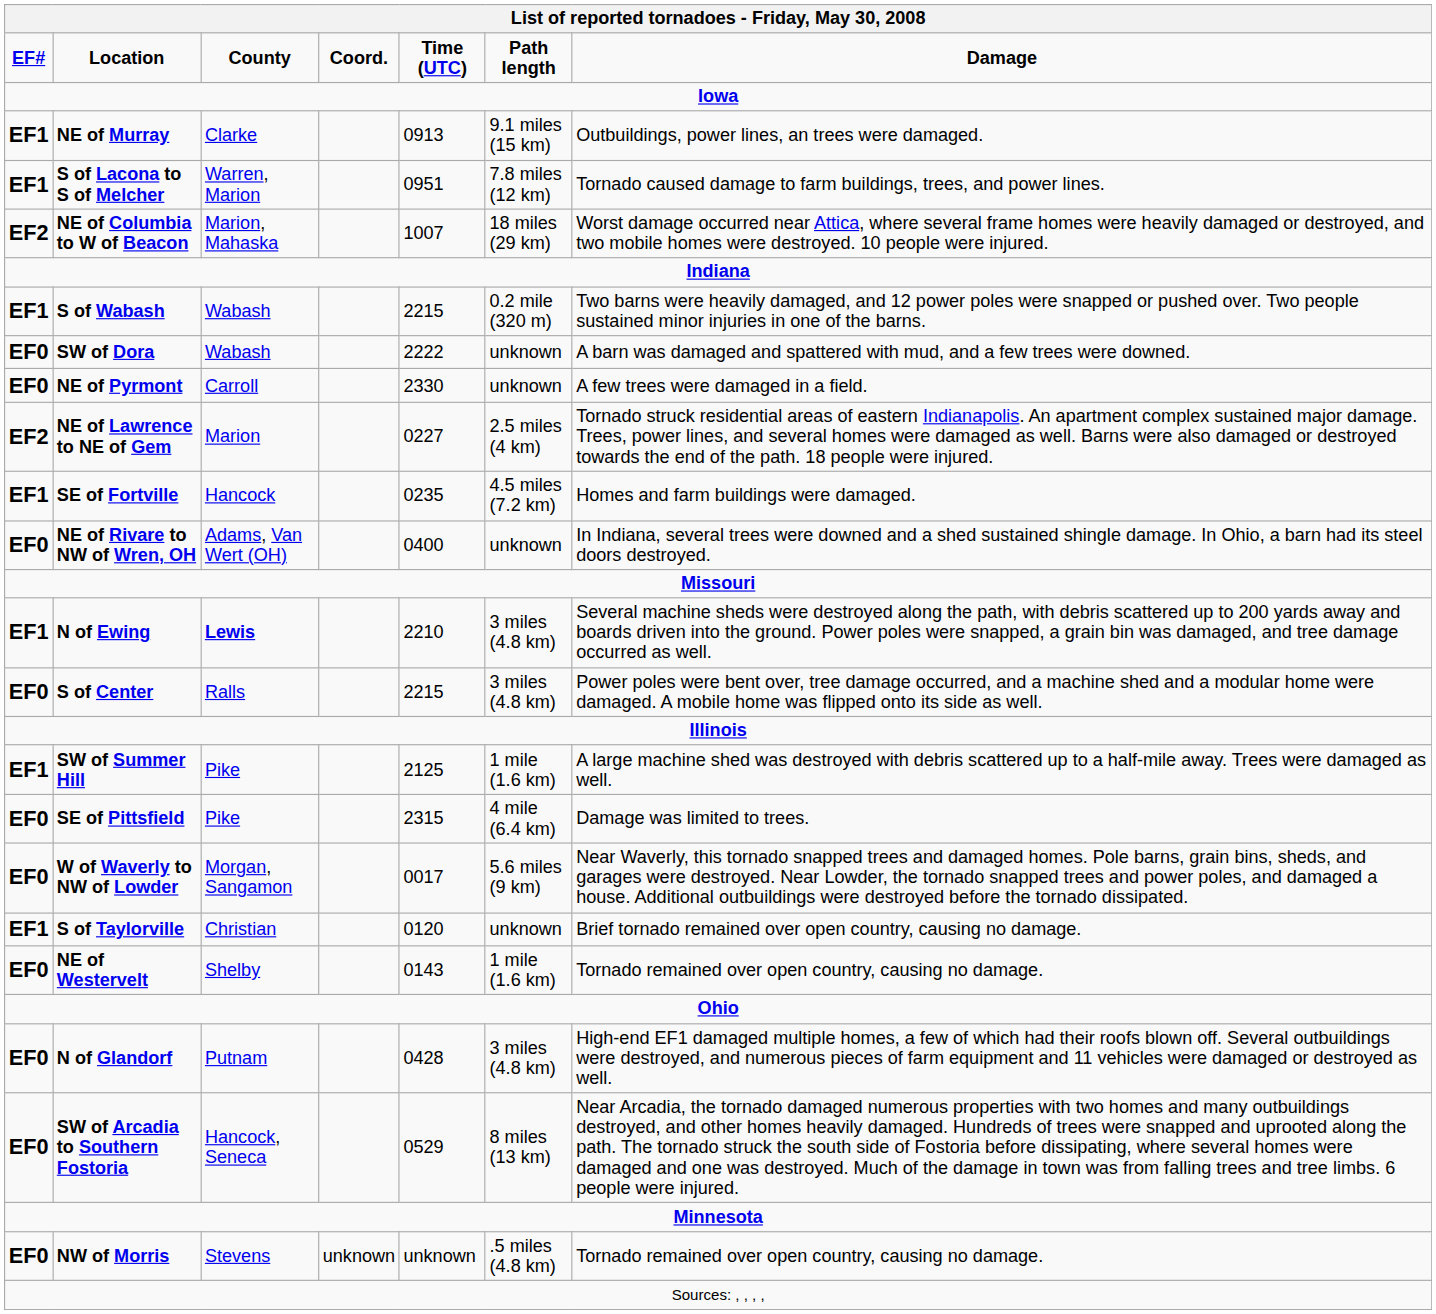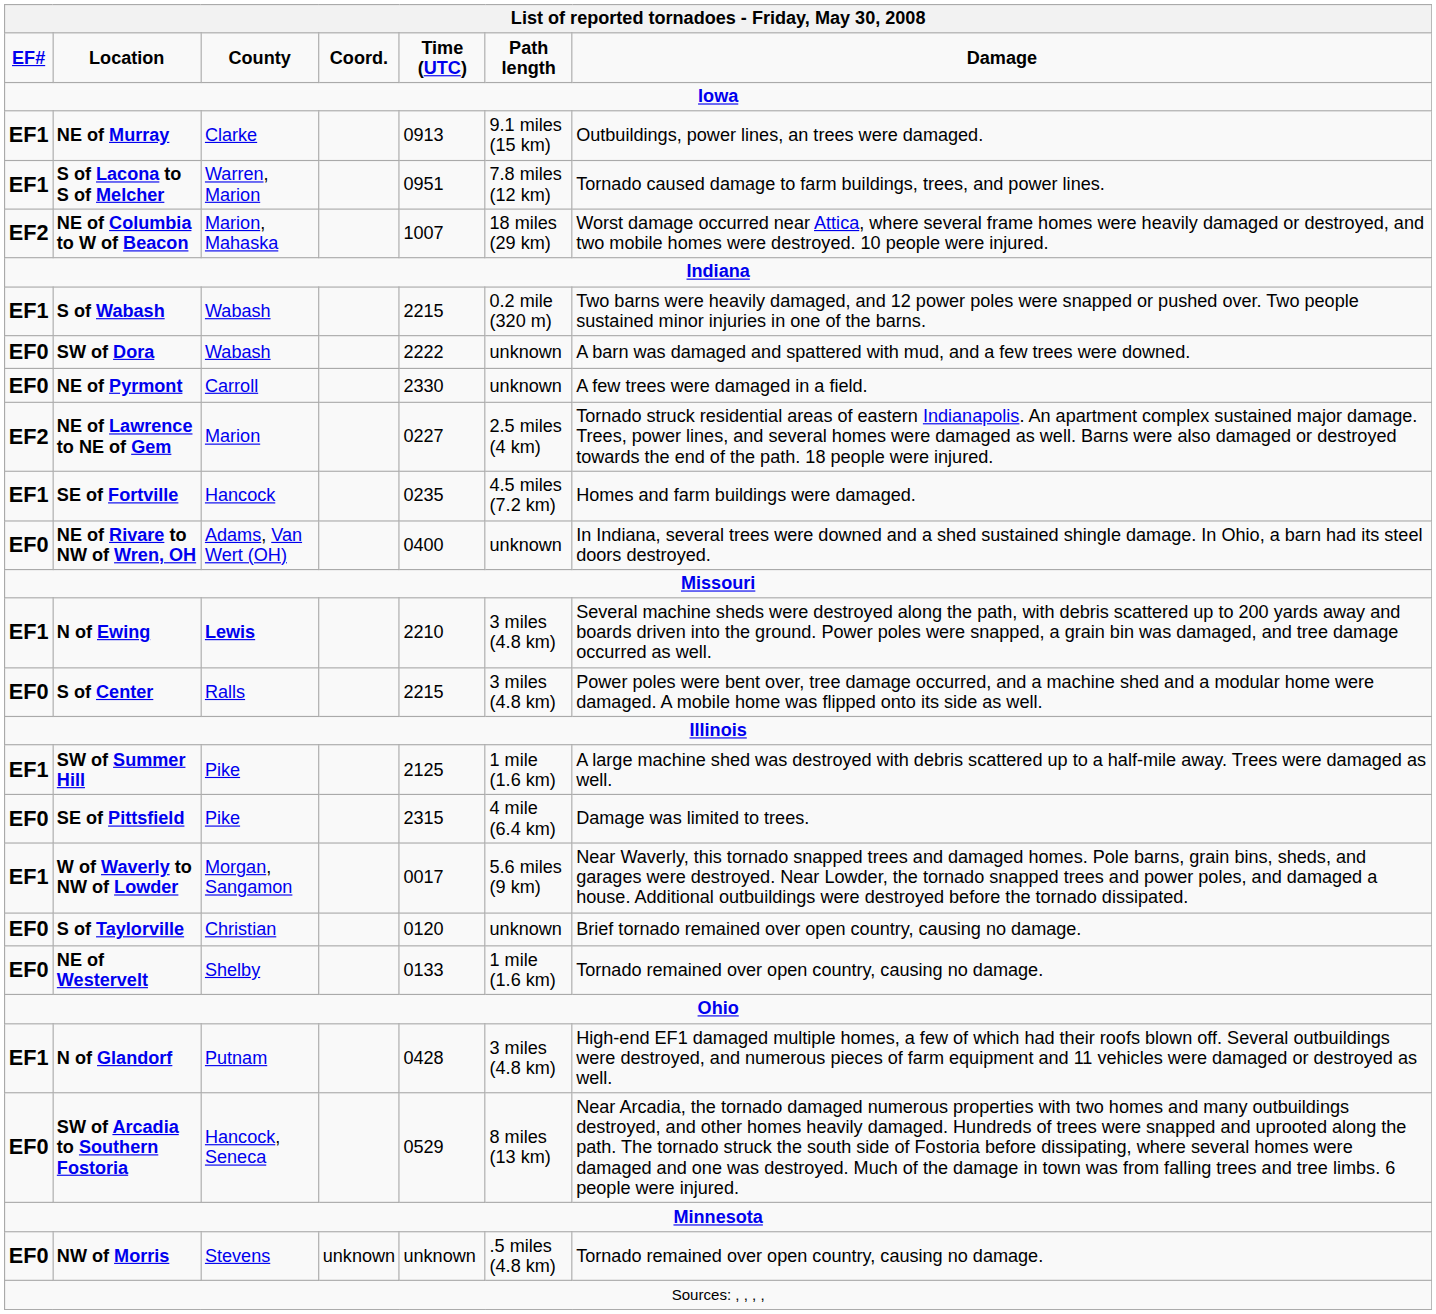 <table class="wikitable collapsible" width="100%">
 <tr>
 <th colspan="7">List of reported tornadoes - Friday, May 30, 2008</th>
 </tr>
 <tr style="text-align:center;">
 <td><strong><a href='#'>EF#</a></strong></td>
 <td><strong>Location</strong></td>
 <td><strong>County</strong></td>
 <td><strong>Coord.</strong></td>
 <td><strong>Time (<a href='#'>UTC</a>)</strong></td>
 <td><strong>Path length</strong></td>
 <td><strong>Damage</strong></td>
 </tr>
 <tr>
 <td colspan="7" align=center><strong><a href='#'>Iowa</a></strong></td>
 </tr>
 <tr>
 <td><big><strong>EF1</strong></big></td>
 <td><strong>NE of <a href='#'>Murray</a></strong></td>
 <td><a href='#'>Clarke</a></td>
 <td></td>
 <td>0913</td>
 <td>9.1 miles<br>(15 km)</td>
 <td>Outbuildings, power lines, an trees were damaged.</td>
 </tr>
 <tr>
 <td><big><strong>EF1</strong></big></td>
 <td><strong>S of <a href='#'>Lacona</a> to S of <a href='#'>Melcher</a></strong></td>
 <td><a href='#'>Warren</a>, <a href='#'>Marion</a></td>
 <td></td>
 <td>0951</td>
 <td>7.8 miles<br>(12 km)</td>
 <td>Tornado caused damage to farm buildings, trees, and power lines.</td>
 </tr>
 <tr>
 <td><big><strong>EF2</strong></big></td>
 <td><strong>NE of <a href='#'>Columbia</a> to W of <a href='#'>Beacon</a></strong></td>
 <td><a href='#'>Marion</a>, <a href='#'>Mahaska</a></td>
 <td></td>
 <td>1007</td>
 <td>18 miles<br>(29 km)</td>
 <td>Worst damage occurred near <a href='#'>Attica</a>, where several frame homes were heavily damaged or destroyed, and two mobile homes were destroyed. 10 people were injured.</td>
 </tr>
 <tr>
 <td colspan="7" align=center><strong><a href='#'>Indiana</a></strong></td>
 </tr>
 <tr>
 <td><big><strong>EF1</strong></big></td>
 <td><strong>S of <a href='#'>Wabash</a></strong></td>
 <td><a href='#'>Wabash</a></td>
 <td></td>
 <td>2215</td>
 <td>0.2 mile<br>(320 m)</td>
 <td>Two barns were heavily damaged, and 12 power poles were snapped or pushed over. Two people sustained minor injuries in one of the barns.</td>
 </tr>
 <tr>
 <td><big><strong>EF0</strong></big></td>
 <td><strong>SW of <a href='#'>Dora</a></strong></td>
 <td><a href='#'>Wabash</a></td>
 <td></td>
 <td>2222</td>
 <td>unknown</td>
 <td>A barn was damaged and spattered with mud, and a few trees were downed.</td>
 </tr>
 <tr>
 <td><big><strong>EF0</strong></big></td>
 <td><strong>NE of <a href='#'>Pyrmont</a></strong></td>
 <td><a href='#'>Carroll</a></td>
 <td></td>
 <td>2330</td>
 <td>unknown</td>
 <td>A few trees were damaged in a field.</td>
 </tr>
 <tr>
 <td><big><strong>EF2</strong></big></td>
 <td><strong>NE of <a href='#'>Lawrence</a> to NE of <a href='#'>Gem</a></strong></td>
 <td><a href='#'>Marion</a></td>
 <td></td>
 <td>0227</td>
 <td>2.5 miles<br>(4 km)</td>
 <td>Tornado struck residential areas of eastern <a href='#'>Indianapolis</a>. An apartment complex sustained major damage. Trees, power lines, and several homes were damaged as well. Barns were also damaged or destroyed towards the end of the path. 18 people were injured.</td>
 </tr>
 <tr>
 <td><big><strong>EF1</strong></big></td>
 <td><strong>SE of <a href='#'>Fortville</a></strong></td>
 <td><a href='#'>Hancock</a></td>
 <td></td>
 <td>0235</td>
 <td>4.5 miles<br>(7.2 km)</td>
 <td>Homes and farm buildings were damaged.</td>
 </tr>
 <tr>
 <td><big><strong>EF0</strong></big></td>
 <td><strong>NE of <a href='#'>Rivare</a> to NW of <a href='#'>Wren, OH</a></strong></td>
 <td><a href='#'>Adams</a>, <a href='#'>Van Wert (OH)</a></td>
 <td></td>
 <td>0400</td>
 <td>unknown</td>
 <td>In Indiana, several trees were downed and a shed sustained shingle damage. In Ohio, a barn had its steel doors destroyed.</td>
 </tr>
 <tr>
 <td colspan="7" align=center><strong><a href='#'>Missouri</a></strong></td>
 </tr>
 <tr>
 <td><big><strong>EF1</strong></big></td>
 <td><strong>N of <a href='#'>Ewing</a></strong></td>
 <td><strong><a href='#'>Lewis</a></strong></td>
 <td></td>
 <td>2210</td>
 <td>3 miles <br> (4.8 km)</td>
 <td>Several machine sheds were destroyed along the path, with debris scattered up to 200 yards away and boards driven into the ground. Power poles were snapped, a grain bin was damaged, and tree damage occurred as well.</td>
 </tr>
 <tr>
 <td><big><strong>EF0</strong></big></td>
 <td><strong> S of <a href='#'>Center</a></strong></td>
 <td><a href='#'>Ralls</a></td>
 <td></td>
 <td>2215</td>
 <td>3 miles<br>(4.8 km)</td>
 <td>Power poles were bent over, tree damage occurred, and a machine shed and a modular home were damaged. A mobile home was flipped onto its side as well.</td>
 </tr>
 <tr>
 <td colspan="7" align=center><strong><a href='#'>Illinois</a></strong></td>
 </tr>
 <tr>
 <td><big><strong>EF1</strong></big></td>
 <td><strong>SW of <a href='#'>Summer Hill</a></strong></td>
 <td><a href='#'>Pike</a></td>
 <td></td>
 <td>2125</td>
 <td>1 mile<br>(1.6 km)</td>
 <td>A large machine shed was destroyed with debris scattered up to a half-mile away. Trees were damaged as well.</td>
 </tr>
 <tr>
 <td><big><strong>EF0</strong></big></td>
 <td><strong>SE of <a href='#'>Pittsfield</a></strong></td>
 <td><a href='#'>Pike</a></td>
 <td></td>
 <td>2315</td>
 <td>4 mile<br>(6.4 km)</td>
 <td>Damage was limited to trees.</td>
 </tr>
 <tr>
-<td><big><strong>EF0</strong></big></td>
+<td><big><strong>EF1</strong></big></td>
 <td><strong>W of <a href='#'>Waverly</a> to NW of <a href='#'>Lowder</a></strong></td>
 <td><a href='#'>Morgan</a>, <a href='#'>Sangamon</a></td>
 <td></td>
 <td>0017</td>
 <td>5.6 miles<br>(9 km)</td>
 <td>Near Waverly, this tornado snapped trees and damaged homes. Pole barns, grain bins, sheds, and garages were destroyed. Near Lowder, the tornado snapped trees and power poles, and damaged a house. Additional outbuildings were destroyed before the tornado dissipated.</td>
 </tr>
 <tr>
-<td><big><strong>EF1</strong></big></td>
+<td><big><strong>EF0</strong></big></td>
 <td><strong>S of <a href='#'>Taylorville</a></strong></td>
 <td><a href='#'>Christian</a></td>
 <td></td>
 <td>0120</td>
 <td>unknown</td>
 <td>Brief tornado remained over open country, causing no damage.</td>
 </tr>
 <tr>
 <td><big><strong>EF0</strong></big></td>
 <td><strong>NE of <a href='#'>Westervelt</a></strong></td>
 <td><a href='#'>Shelby</a></td>
 <td></td>
-<td>0143</td>
+<td>0133</td>
 <td>1 mile <br> (1.6 km)</td>
 <td>Tornado remained over open country, causing no damage.</td>
 </tr>
 <tr>
 <td colspan="7" align=center><strong><a href='#'>Ohio</a></strong></td>
 </tr>
 <tr>
-<td><big><strong>EF0</strong></big></td>
+<td><big><strong>EF1</strong></big></td>
 <td><strong>N of <a href='#'>Glandorf</a></strong></td>
 <td><a href='#'>Putnam</a></td>
 <td></td>
 <td>0428</td>
 <td>3 miles <br> (4.8 km)</td>
 <td>High-end EF1 damaged multiple homes, a few of which had their roofs blown off. Several outbuildings were destroyed, and numerous pieces of farm equipment and 11 vehicles were damaged or destroyed as well.</td>
 </tr>
 <tr>
 <td><big><strong>EF0</strong></big></td>
 <td><strong>SW of <a href='#'>Arcadia</a> to <a href='#'>Southern Fostoria</a></strong></td>
 <td><a href='#'>Hancock</a>, <a href='#'>Seneca</a></td>
 <td></td>
 <td>0529</td>
 <td>8 miles<br>(13 km)</td>
 <td>Near Arcadia, the tornado damaged numerous properties with two homes and many outbuildings destroyed, and other homes heavily damaged. Hundreds of trees were snapped and uprooted along the path. The tornado struck the south side of Fostoria before dissipating, where several homes were damaged and one was destroyed. Much of the damage in town was from falling trees and tree limbs. 6 people were injured.</td>
 </tr>
 <tr>
 <td colspan="7" align=center><strong><a href='#'>Minnesota</a></strong></td>
 </tr>
 <tr>
 <td><big><strong>EF0</strong></big></td>
 <td><strong>NW of <a href='#'>Morris</a></strong></td>
 <td><a href='#'>Stevens</a></td>
 <td>unknown</td>
 <td>unknown</td>
 <td>.5 miles <br> (4.8 km)</td>
 <td>Tornado remained over open country, causing no damage.</td>
 </tr>
 <tr>
 <td colspan="7" align=center><small>Sources: , , , , </small></td>
 </tr>
 <tr>
 </tr>
 </table>
